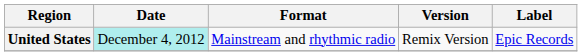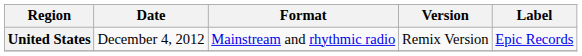 <table class="wikitable plainrowheaders">
 <tr>
 <th scope="col">Region</th>
 <th scope="col">Date</th>
 <th scope="col">Format</th>
 <th scope="col">Version</th>
 <th scope="col">Label</th>
 </tr>
 <tr>
 <th scope="row">United States</th>
-<td style="background: paleturquoise;">December 4, 2012</td>
+<td>December 4, 2012</td>
 <td><a href='#'>Mainstream</a> and <a href='#'>rhythmic radio</a></td>
 <td rowspan="1">Remix Version</td>
 <td rowspan="1"><a href='#'>Epic Records</a></td>
 </tr>
 <tr>
 </tr>
 </table>
